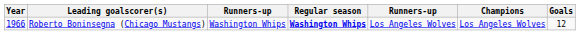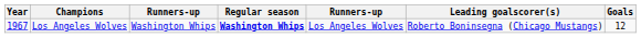 <table class="wikitable">
 <tr>
 <th>Year</th>
-<th>Leading goalscorer(s)</th>
+<th>Champions</th>
 <th>Runners-up</th>
 <th>Regular season</th>
 <th>Runners-up</th>
-<th>Champions</th>
+<th>Leading goalscorer(s)</th>
 <th>Goals</th>
 </tr>
 <tr>
-<td align=center><a href='#'>1966</a></td>
-<td> <a href='#'>Roberto Boninsegna</a> (<a href='#'>Chicago Mustangs</a>)</td>
+<td align=center><a href='#'>1967</a></td>
+<td><a href='#'>Los Angeles Wolves</a></td>
 <td><a href='#'>Washington Whips</a></td>
 <td><strong><a href='#'>Washington Whips</a></strong></td>
 <td><a href='#'>Los Angeles Wolves</a></td>
-<td><a href='#'>Los Angeles Wolves</a></td>
+<td> <a href='#'>Roberto Boninsegna</a> (<a href='#'>Chicago Mustangs</a>)</td>
 <td align=center>12</td>
 </tr>
 </table>
